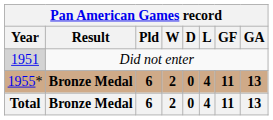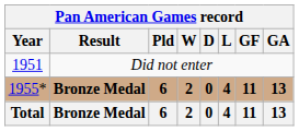 <table class="wikitable" style="text-align:center">
 <tr>
 <th colspan=8><a href='#'>Pan American Games</a> record</th>
 </tr>
 <tr>
 <th>Year</th>
 <th>Result</th>
 <th>Pld</th>
 <th>W</th>
 <th>D</th>
 <th>L</th>
 <th>GF</th>
 <th>GA</th>
 </tr>
 <tr>
-<td style="background: lightgrey;"> <a href='#'>1951</a></td>
+<td> <a href='#'>1951</a></td>
 <td colspan=8><em>Did not enter</em></td>
 </tr>
 <tr bgcolor=#cfaa88>
 <td> <a href='#'>1955</a>*</td>
 <td><strong>Bronze Medal</strong></td>
 <td><strong>6</strong></td>
 <td><strong>2</strong></td>
 <td><strong>0</strong></td>
 <td><strong>4</strong></td>
 <td><strong>11</strong></td>
 <td><strong>13</strong></td>
 </tr>
 <tr>
 <th>Total</th>
 <th>Bronze Medal</th>
 <th>6</th>
 <th>2</th>
 <th>0</th>
 <th>4</th>
 <th>11</th>
 <th>13</th>
 </tr>
 </table>
